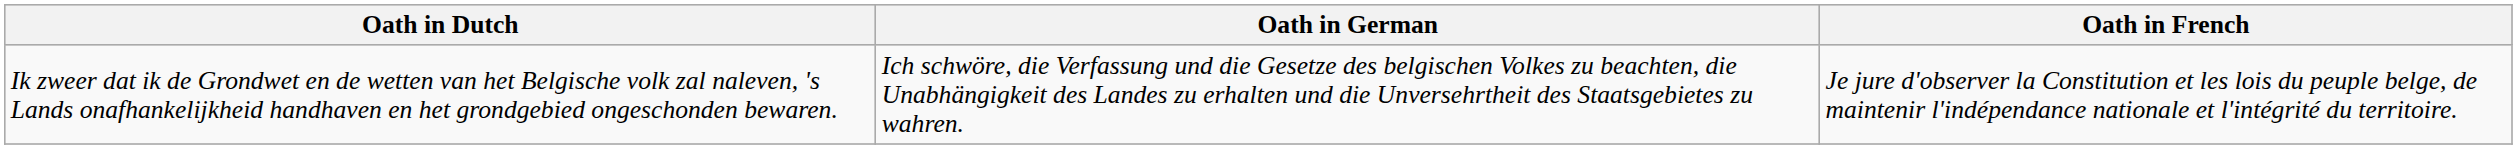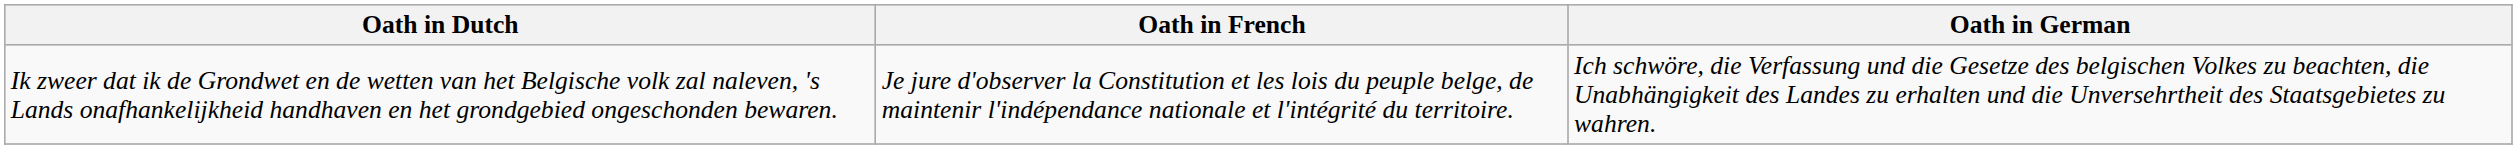 <table class="wikitable">
 <tr>
 <th>Oath in Dutch</th>
+<th>Oath in French</th>
 <th>Oath in German</th>
-<th>Oath in French</th>
 </tr>
 <tr>
 <td><em>Ik zweer dat ik de Grondwet en de wetten van het Belgische volk zal naleven, 's Lands onafhankelijkheid handhaven en het grondgebied ongeschonden bewaren.</em></td>
+<td><em>Je jure d'observer la Constitution et les lois du peuple belge, de maintenir l'indépendance nationale et l'intégrité du territoire.</em></td>
 <td><em>Ich schwöre, die Verfassung und die Gesetze des belgischen Volkes zu beachten, die Unabhängigkeit des Landes zu erhalten und die Unversehrtheit des Staatsgebietes zu wahren.</em></td>
-<td><em>Je jure d'observer la Constitution et les lois du peuple belge, de maintenir l'indépendance nationale et l'intégrité du territoire.</em></td>
 </tr>
 </table>
